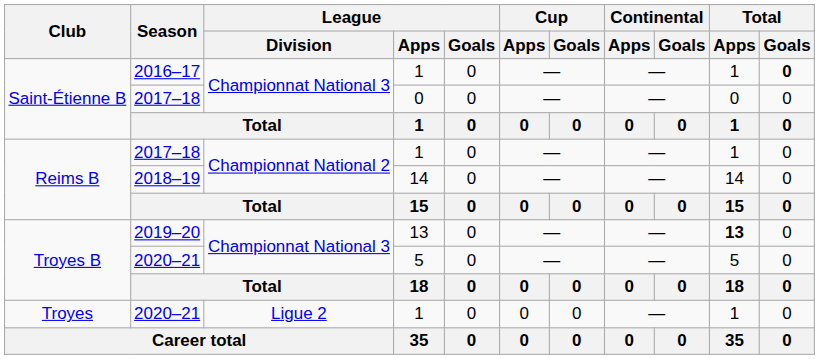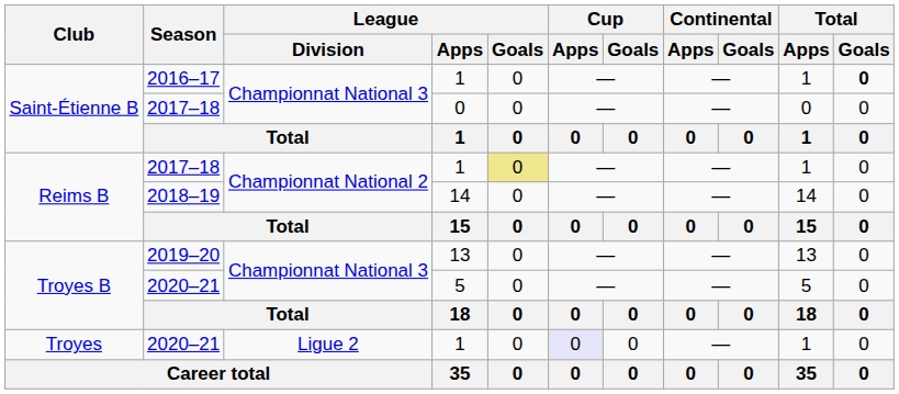 <table class="wikitable" Style="text-align: center">
 <tr>
 <th rowspan="2">Club</th>
 <th rowspan="2">Season</th>
 <th colspan="3">League</th>
 <th colspan="2">Cup</th>
 <th colspan="2">Continental</th>
 <th colspan="2">Total</th>
 </tr>
 <tr>
 <th>Division</th>
 <th>Apps</th>
 <th>Goals</th>
 <th>Apps</th>
 <th>Goals</th>
 <th>Apps</th>
 <th>Goals</th>
 <th>Apps</th>
 <th>Goals</th>
 </tr>
 <tr>
 <td rowspan="3"><a href='#'>Saint-Étienne B</a></td>
 <td><a href='#'>2016–17</a></td>
 <td rowspan="2"><a href='#'>Championnat National 3</a></td>
 <td>1</td>
 <td>0</td>
 <td colspan="2">—</td>
 <td colspan="2">—</td>
 <td>1</td>
 <td><strong>0</strong></td>
 </tr>
 <tr>
 <td><a href='#'>2017–18</a></td>
 <td>0</td>
 <td>0</td>
 <td colspan="2">—</td>
 <td colspan="2">—</td>
 <td>0</td>
 <td>0</td>
 </tr>
 <tr>
 <th colspan="2">Total</th>
 <th>1</th>
 <th>0</th>
 <th>0</th>
 <th>0</th>
 <th>0</th>
 <th>0</th>
 <th>1</th>
 <th>0</th>
 </tr>
 <tr>
 <td rowspan="3"><a href='#'>Reims B</a></td>
 <td><a href='#'>2017–18</a></td>
 <td rowspan="2"><a href='#'>Championnat National 2</a></td>
 <td>1</td>
-<td>0</td>
+<td style="background: khaki;">0</td>
 <td colspan="2">—</td>
 <td colspan="2">—</td>
 <td>1</td>
 <td>0</td>
 </tr>
 <tr>
 <td><a href='#'>2018–19</a></td>
 <td>14</td>
 <td>0</td>
 <td colspan="2">—</td>
 <td colspan="2">—</td>
 <td>14</td>
 <td>0</td>
 </tr>
 <tr>
 <th colspan="2">Total</th>
 <th>15</th>
 <th>0</th>
 <th>0</th>
 <th>0</th>
 <th>0</th>
 <th>0</th>
 <th>15</th>
 <th>0</th>
 </tr>
 <tr>
 <td rowspan="3"><a href='#'>Troyes B</a></td>
 <td><a href='#'>2019–20</a></td>
 <td rowspan="2"><a href='#'>Championnat National 3</a></td>
 <td>13</td>
 <td>0</td>
 <td colspan="2">—</td>
 <td colspan="2">—</td>
-<td><strong>13</strong></td>
+<td>13</td>
 <td>0</td>
 </tr>
 <tr>
 <td><a href='#'>2020–21</a></td>
 <td>5</td>
 <td>0</td>
 <td colspan="2">—</td>
 <td colspan="2">—</td>
 <td>5</td>
 <td>0</td>
 </tr>
 <tr>
 <th colspan="2">Total</th>
 <th>18</th>
 <th>0</th>
 <th>0</th>
 <th>0</th>
 <th>0</th>
 <th>0</th>
 <th>18</th>
 <th>0</th>
 </tr>
 <tr>
 <td rowspan="1"><a href='#'>Troyes</a></td>
 <td><a href='#'>2020–21</a></td>
 <td rowspan="1"><a href='#'>Ligue 2</a></td>
 <td>1</td>
 <td>0</td>
-<td>0</td>
+<td style="background: lavender;">0</td>
 <td>0</td>
 <td colspan="2">—</td>
 <td>1</td>
 <td>0</td>
 </tr>
 <tr>
 <th colspan="3">Career total</th>
 <th>35</th>
 <th>0</th>
 <th>0</th>
 <th>0</th>
 <th>0</th>
 <th>0</th>
 <th>35</th>
 <th>0</th>
 </tr>
 </table>
